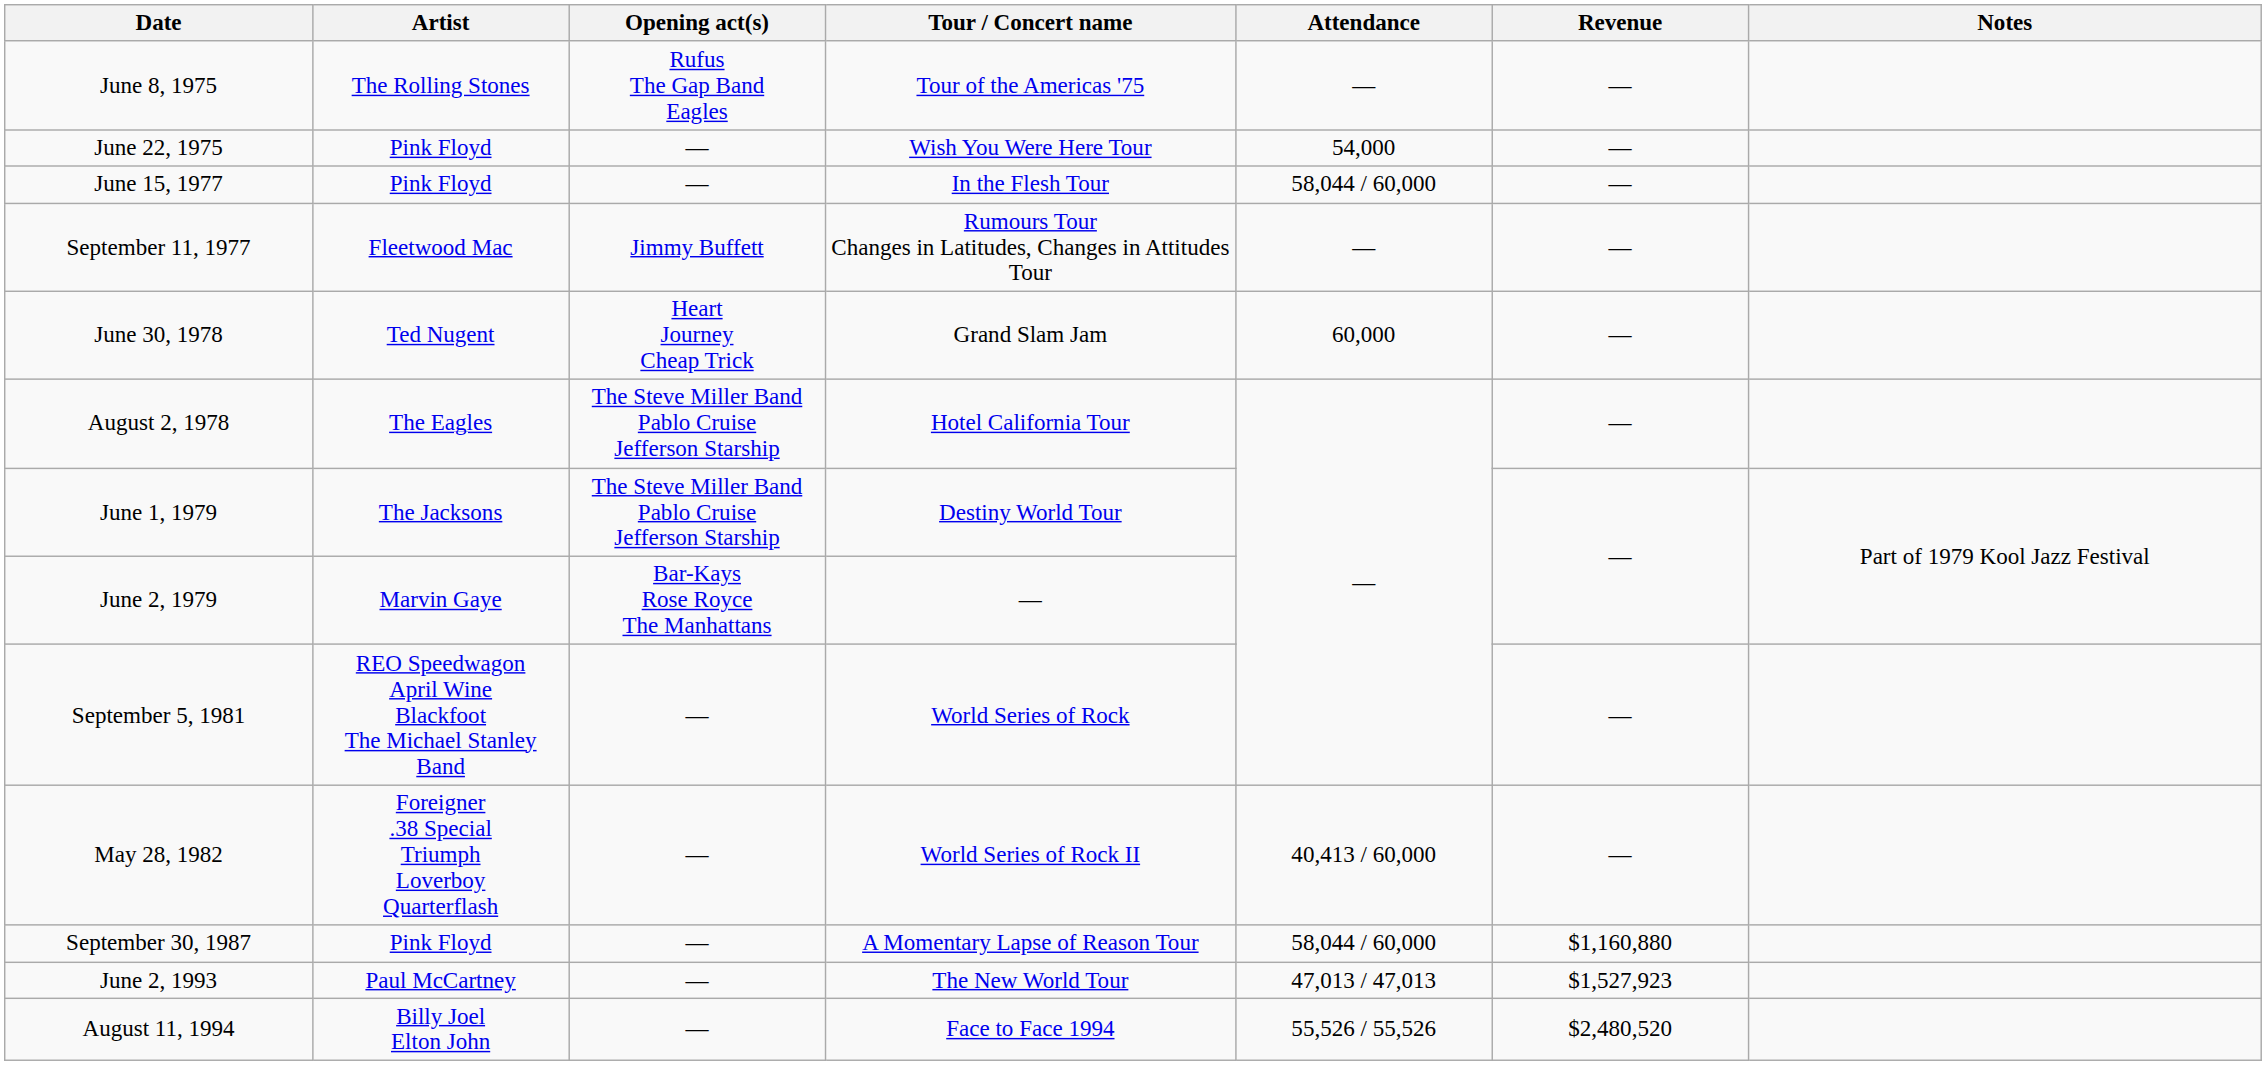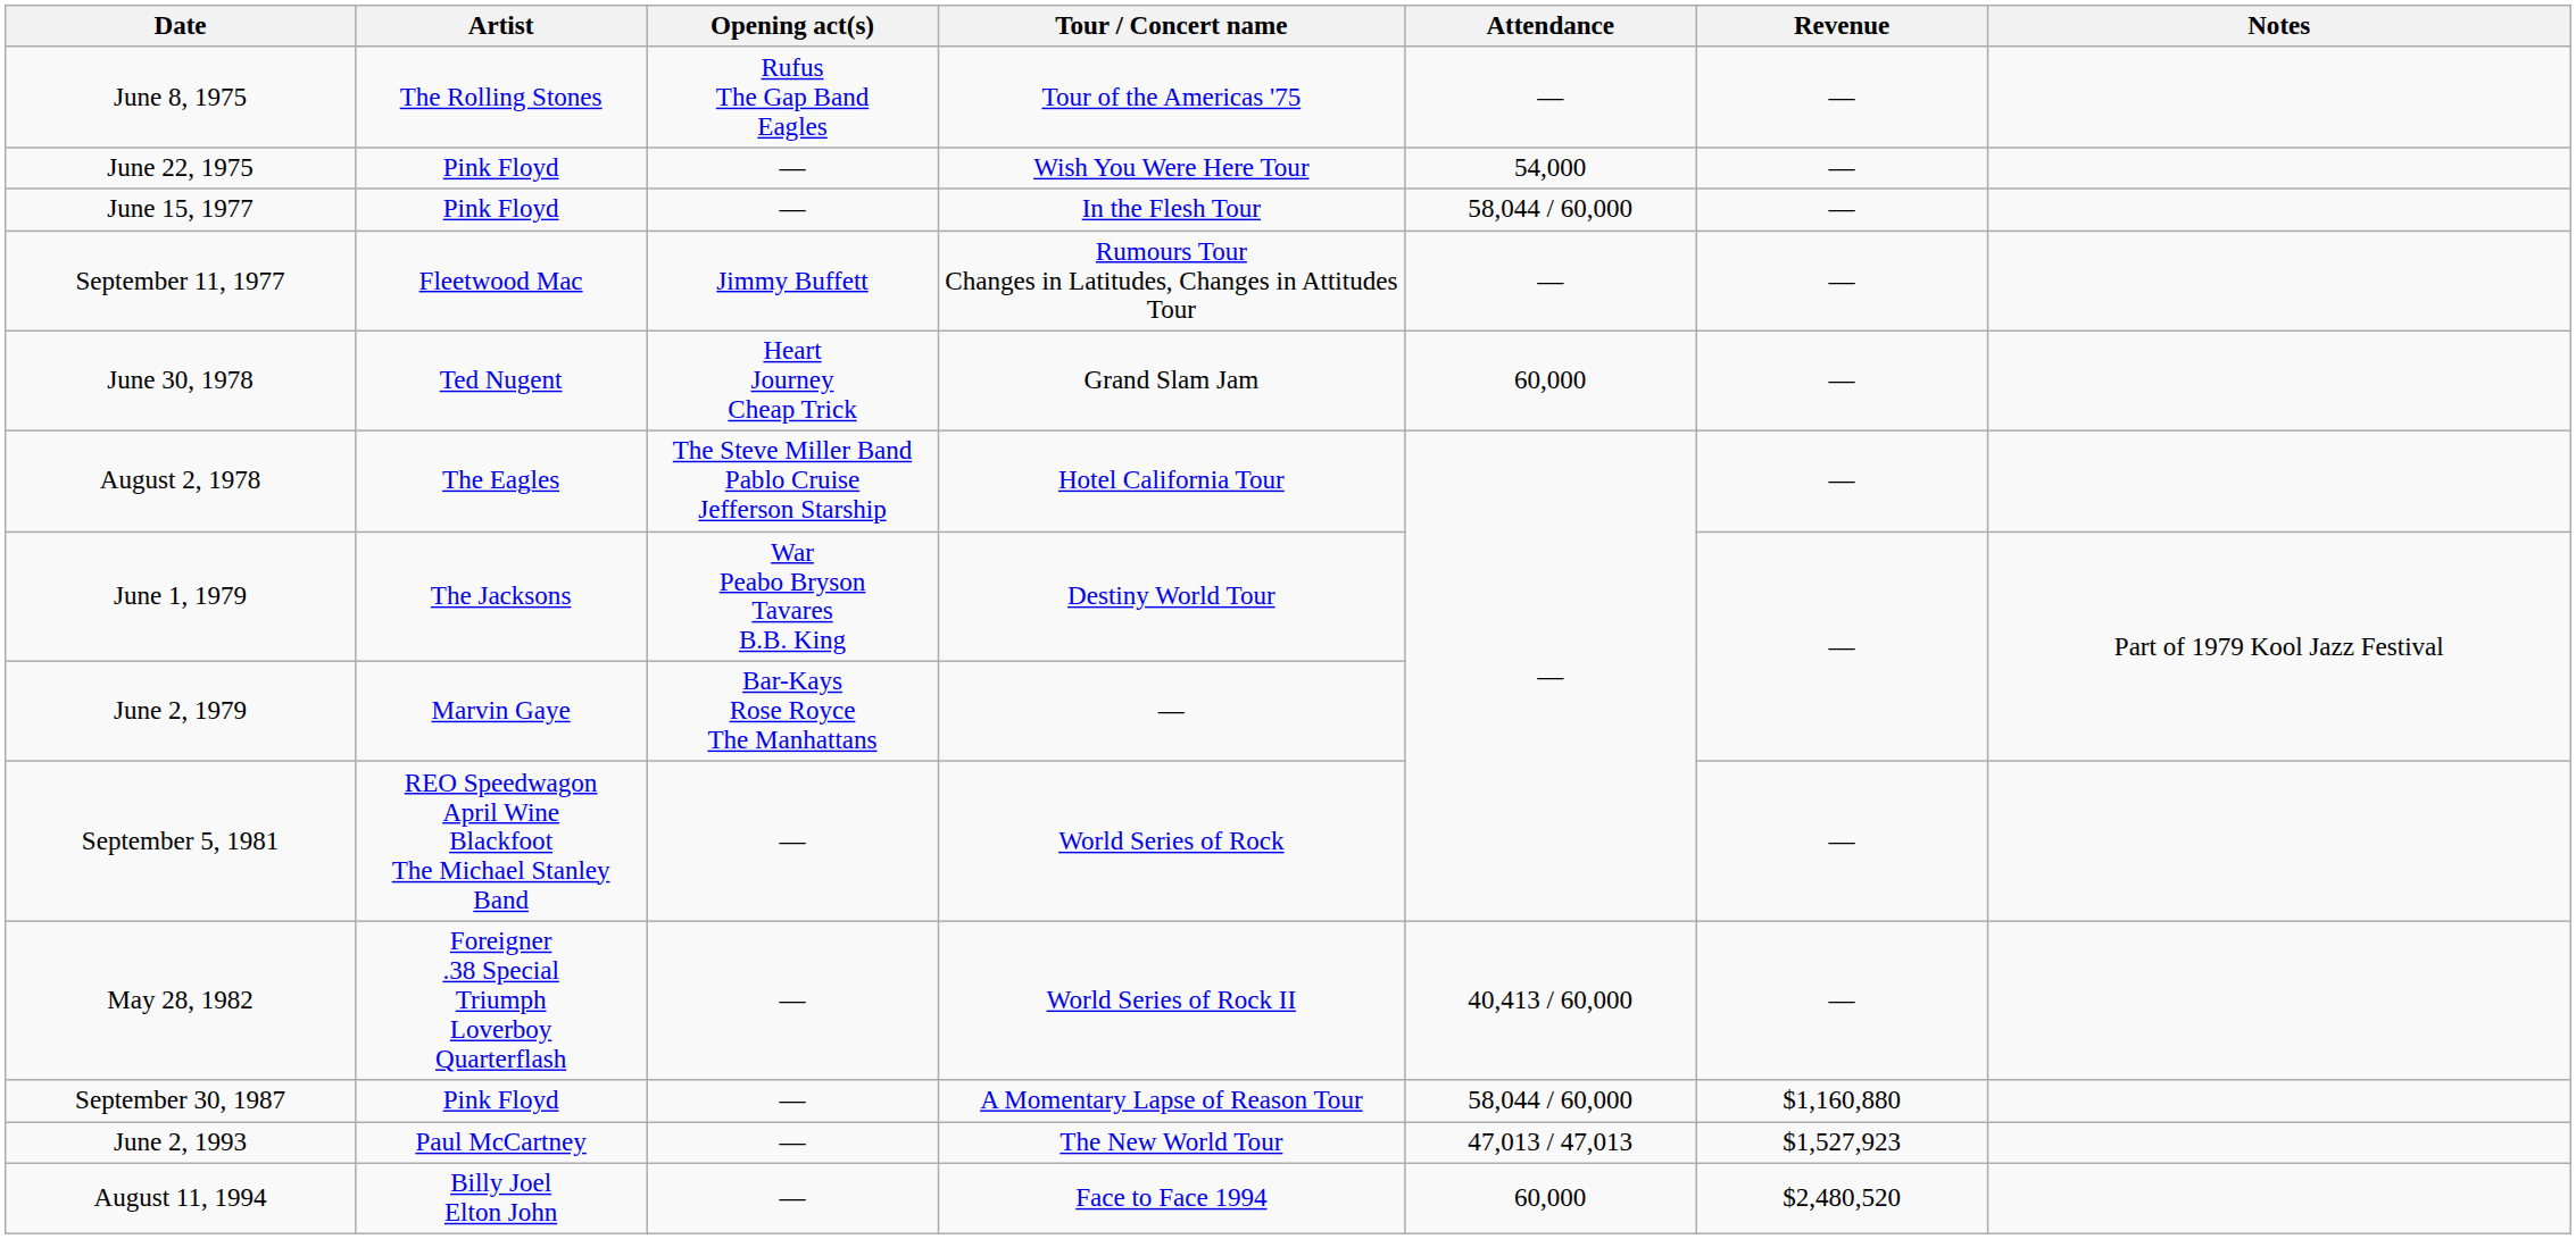 <table class="wikitable" style="text-align:center;">
 <tr>
 <th width=12% style="text-align:center;">Date</th>
 <th width=10% style="text-align:center;">Artist</th>
 <th width=10% style="text-align:center;">Opening act(s)</th>
 <th width=16% style="text-align:center;">Tour / Concert name</th>
 <th width=10% style="text-align:center;">Attendance</th>
 <th width=10% style="text-align:center;">Revenue</th>
 <th width=20% style="text-align:center;">Notes</th>
 </tr>
 <tr>
 <td>June 8, 1975</td>
 <td><a href='#'>The Rolling Stones</a></td>
 <td><a href='#'>Rufus</a><br><a href='#'>The Gap Band</a><br><a href='#'>Eagles</a></td>
 <td><a href='#'>Tour of the Americas '75</a></td>
 <td>—</td>
 <td>—</td>
 <td></td>
 </tr>
 <tr>
 <td>June 22, 1975</td>
 <td><a href='#'>Pink Floyd</a></td>
 <td>—</td>
 <td><a href='#'>Wish You Were Here Tour</a></td>
 <td>54,000</td>
 <td>—</td>
 <td></td>
 </tr>
 <tr>
 <td>June 15, 1977</td>
 <td><a href='#'>Pink Floyd</a></td>
 <td>—</td>
 <td><a href='#'>In the Flesh Tour</a></td>
 <td>58,044 / 60,000</td>
 <td>—</td>
 <td></td>
 </tr>
 <tr>
 <td>September 11, 1977</td>
 <td><a href='#'>Fleetwood Mac</a></td>
 <td><a href='#'>Jimmy Buffett</a></td>
 <td><a href='#'>Rumours Tour</a><br>Changes in Latitudes, Changes in Attitudes Tour</td>
 <td>—</td>
 <td>—</td>
 <td></td>
 </tr>
 <tr>
 <td>June 30, 1978</td>
 <td><a href='#'>Ted Nugent</a></td>
 <td><a href='#'>Heart</a><br><a href='#'>Journey</a><br><a href='#'>Cheap Trick</a></td>
 <td>Grand Slam Jam</td>
 <td>60,000</td>
 <td>—</td>
 <td></td>
 </tr>
 <tr>
 <td>August 2, 1978</td>
 <td><a href='#'>The Eagles</a></td>
 <td><a href='#'>The Steve Miller Band</a><br><a href='#'>Pablo Cruise</a><br><a href='#'>Jefferson Starship</a></td>
 <td><a href='#'>Hotel California Tour</a></td>
 <td rowspan="4">—</td>
 <td>—</td>
 <td></td>
 </tr>
 <tr>
 <td>June 1, 1979</td>
 <td><a href='#'>The Jacksons</a></td>
-<td><a href='#'>The Steve Miller Band</a><br><a href='#'>Pablo Cruise</a><br><a href='#'>Jefferson Starship</a></td>
+<td><a href='#'>War</a><br><a href='#'>Peabo Bryson</a> <br>  <a href='#'>Tavares</a> <br><a href='#'>B.B. King</a></td>
 <td><a href='#'>Destiny World Tour</a></td>
 <td rowspan="2">—</td>
 <td rowspan="2">Part of 1979 Kool Jazz Festival</td>
 </tr>
 <tr>
 <td>June 2, 1979</td>
 <td><a href='#'>Marvin Gaye</a></td>
 <td><a href='#'>Bar-Kays</a> <br><a href='#'>Rose Royce</a> <br><a href='#'>The Manhattans</a></td>
 <td>—</td>
 </tr>
 <tr>
 <td>September 5, 1981</td>
 <td><a href='#'>REO Speedwagon</a><br><a href='#'>April Wine</a><br><a href='#'>Blackfoot</a><br><a href='#'>The Michael Stanley Band</a></td>
 <td>—</td>
 <td><a href='#'>World Series of Rock</a></td>
 <td>—</td>
 <td></td>
 </tr>
 <tr>
 <td>May 28, 1982</td>
 <td><a href='#'>Foreigner</a><br><a href='#'>.38 Special</a><br><a href='#'>Triumph</a><br><a href='#'>Loverboy</a><br><a href='#'>Quarterflash</a></td>
 <td>—</td>
 <td><a href='#'>World Series of Rock II</a></td>
 <td>40,413 / 60,000</td>
 <td>—</td>
 <td></td>
 </tr>
 <tr>
 <td>September 30, 1987</td>
 <td><a href='#'>Pink Floyd</a></td>
 <td>—</td>
 <td><a href='#'>A Momentary Lapse of Reason Tour</a></td>
 <td>58,044 / 60,000</td>
 <td>$1,160,880</td>
 <td></td>
 </tr>
 <tr>
 <td>June 2, 1993</td>
 <td><a href='#'>Paul McCartney</a></td>
 <td>—</td>
 <td><a href='#'>The New World Tour</a></td>
 <td>47,013 / 47,013</td>
 <td>$1,527,923</td>
 <td></td>
 </tr>
 <tr>
 <td>August 11, 1994</td>
 <td><a href='#'>Billy Joel</a><br><a href='#'>Elton John</a></td>
 <td>—</td>
 <td><a href='#'>Face to Face 1994</a></td>
-<td>55,526 / 55,526</td>
+<td>60,000</td>
 <td>$2,480,520</td>
 <td></td>
 </tr>
 </table>
